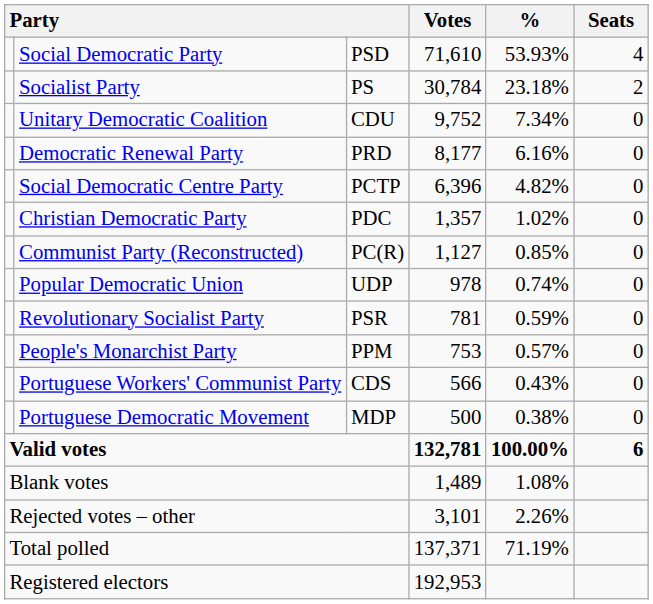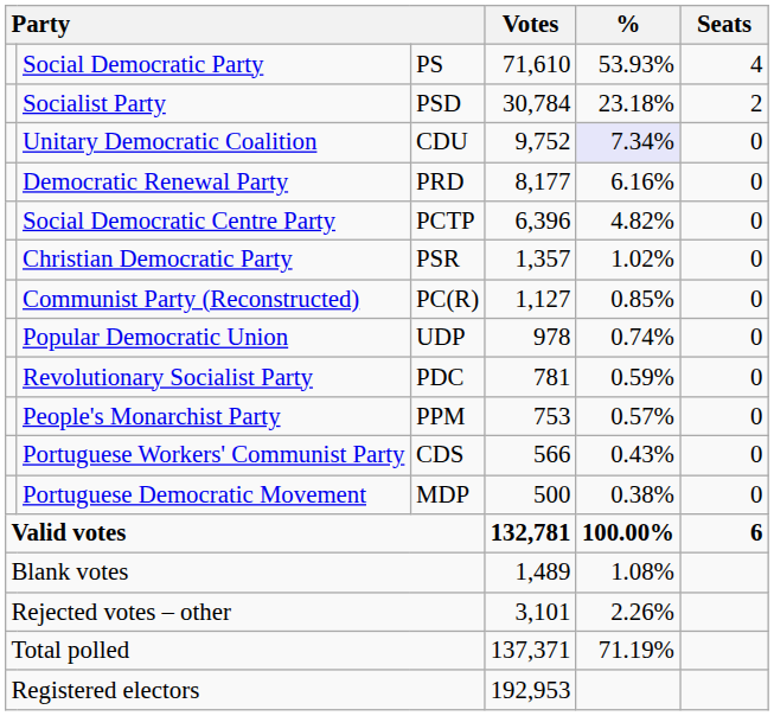 <table class="wikitable" border="1" style="text-align:right;">
 <tr>
 <th style="text-align:left;" colspan=3>Party</th>
 <th align=center width="50">Votes</th>
 <th align=center width="50">%</th>
 <th align=center width="50">Seats</th>
 </tr>
 <tr>
 <td></td>
 <td align=left><a href='#'>Social Democratic Party</a></td>
-<td align=left>PSD</td>
+<td align=left>PS</td>
 <td>71,610</td>
 <td>53.93%</td>
 <td>4</td>
 </tr>
 <tr>
 <td></td>
 <td align=left><a href='#'>Socialist Party</a></td>
-<td align=left>PS</td>
+<td align=left>PSD</td>
 <td>30,784</td>
 <td>23.18%</td>
 <td>2</td>
 </tr>
 <tr>
 <td></td>
 <td align=left style="white-space: nowrap;"><a href='#'>Unitary Democratic Coalition</a></td>
 <td align=left>CDU</td>
 <td>9,752</td>
-<td>7.34%</td>
+<td style="background: lavender;">7.34%</td>
 <td>0</td>
 </tr>
 <tr>
 <td></td>
 <td align=left><a href='#'>Democratic Renewal Party</a></td>
 <td align=left>PRD</td>
 <td>8,177</td>
 <td>6.16%</td>
 <td>0</td>
 </tr>
 <tr>
 <td></td>
 <td align=left style="white-space: nowrap;"><a href='#'>Social Democratic Centre Party</a></td>
 <td align=left>PCTP</td>
 <td>6,396</td>
 <td>4.82%</td>
 <td>0</td>
 </tr>
 <tr>
 <td></td>
 <td align=left style="white-space: nowrap;"><a href='#'>Christian Democratic Party</a></td>
-<td align=left>PDC</td>
+<td align=left>PSR</td>
 <td>1,357</td>
 <td>1.02%</td>
 <td>0</td>
 </tr>
 <tr>
 <td></td>
 <td align=left><a href='#'>Communist Party (Reconstructed)</a></td>
 <td align=left>PC(R)</td>
 <td>1,127</td>
 <td>0.85%</td>
 <td>0</td>
 </tr>
 <tr>
 <td></td>
 <td align=left><a href='#'>Popular Democratic Union</a></td>
 <td align=left>UDP</td>
 <td>978</td>
 <td>0.74%</td>
 <td>0</td>
 </tr>
 <tr>
 <td></td>
 <td align=left><a href='#'>Revolutionary Socialist Party</a></td>
-<td align=left>PSR</td>
+<td align=left>PDC</td>
 <td>781</td>
 <td>0.59%</td>
 <td>0</td>
 </tr>
 <tr>
 <td></td>
 <td align=left><a href='#'>People's Monarchist Party</a></td>
 <td align=left>PPM</td>
 <td>753</td>
 <td>0.57%</td>
 <td>0</td>
 </tr>
 <tr>
 <td></td>
 <td align=left><a href='#'>Portuguese Workers' Communist Party</a></td>
 <td align=left>CDS</td>
 <td>566</td>
 <td>0.43%</td>
 <td>0</td>
 </tr>
 <tr>
 <td></td>
 <td align=left><a href='#'>Portuguese Democratic Movement</a></td>
 <td align=left>MDP</td>
 <td>500</td>
 <td>0.38%</td>
 <td>0</td>
 </tr>
 <tr style="font-weight:bold">
 <td align=left colspan=3>Valid votes</td>
 <td>132,781</td>
 <td>100.00%</td>
 <td>6</td>
 </tr>
 <tr>
 <td align=left colspan=3>Blank votes</td>
 <td>1,489</td>
 <td>1.08%</td>
 <td></td>
 </tr>
 <tr>
 <td align=left colspan=3>Rejected votes – other</td>
 <td>3,101</td>
 <td>2.26%</td>
 <td></td>
 </tr>
 <tr>
 <td align=left colspan=3>Total polled</td>
 <td>137,371</td>
 <td>71.19%</td>
 <td></td>
 </tr>
 <tr>
 <td align=left colspan=3>Registered electors</td>
 <td>192,953</td>
 <td></td>
 <td></td>
 </tr>
 </table>
